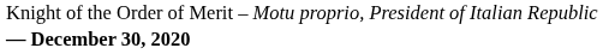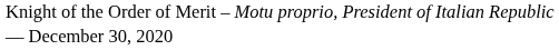 <table>
 <tr>
 <td rowspan=2 style="width:60px; vertical-align:top;"></td>
 <td>Knight of the Order of Merit – <em>Motu proprio, President of Italian Republic</em></td>
 </tr>
 <tr>
-<td><strong>— December 30, 2020</strong></td>
+<td>— December 30, 2020</td>
 </tr>
 </table>
